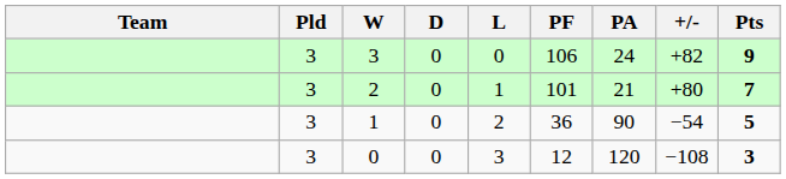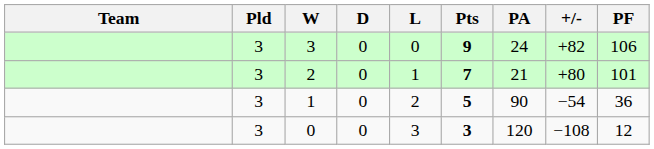 <table class="wikitable" style="text-align: center;">
 <tr>
 <th width="200">Team</th>
 <th width="40">Pld</th>
 <th width="40">W</th>
 <th width="40">D</th>
 <th width="40">L</th>
-<th width="40">PF</th>
+<th width="40">Pts</th>
 <th width="40">PA</th>
 <th width="40">+/-</th>
-<th width="40">Pts</th>
+<th width="40">PF</th>
 </tr>
 <tr bgcolor=ccffcc>
 <td align=left></td>
 <td>3</td>
 <td>3</td>
 <td>0</td>
 <td>0</td>
-<td>106</td>
+<td><strong>9</strong></td>
 <td>24</td>
 <td>+82</td>
-<td><strong>9</strong></td>
+<td>106</td>
 </tr>
 <tr bgcolor=ccffcc>
 <td align=left></td>
 <td>3</td>
 <td>2</td>
 <td>0</td>
 <td>1</td>
-<td>101</td>
+<td><strong>7</strong></td>
 <td>21</td>
 <td>+80</td>
-<td><strong>7</strong></td>
+<td>101</td>
 </tr>
 <tr>
 <td align=left></td>
 <td>3</td>
 <td>1</td>
 <td>0</td>
 <td>2</td>
-<td>36</td>
+<td><strong>5</strong></td>
 <td>90</td>
 <td>−54</td>
-<td><strong>5</strong></td>
+<td>36</td>
 </tr>
 <tr>
 <td align=left></td>
 <td>3</td>
 <td>0</td>
 <td>0</td>
 <td>3</td>
-<td>12</td>
+<td><strong>3</strong></td>
 <td>120</td>
 <td>−108</td>
-<td><strong>3</strong></td>
+<td>12</td>
 </tr>
 </table>
